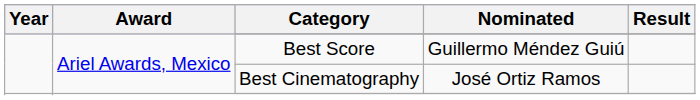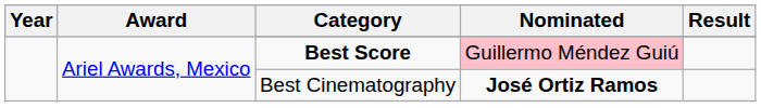 <table class="wikitable plainrowheaders" style="text-align:center;">
 <tr style="background:#96c;">
 <th scope="col">Year</th>
 <th scope="col">Award</th>
 <th scope="col">Category</th>
 <th scope="col">Nominated</th>
 <th scope="col">Result</th>
 </tr>
 <tr>
 <td scope="row" rowspan="18"></td>
 <td rowspan="18"><a href='#'>Ariel Awards, Mexico</a>  </td>
 </tr>
 <tr>
-<td scope="row">Best Score</td>
-<td>Guillermo Méndez Guiú</td>
+<td scope="row"><strong>Best Score</strong></td>
+<td style="background: pink;">Guillermo Méndez Guiú</td>
 <td></td>
 </tr>
 <tr>
 <td scope="row">Best Cinematography</td>
-<td>José Ortiz Ramos</td>
+<td><strong>José Ortiz Ramos</strong></td>
 <td></td>
 </tr>
 <tr>
 </tr>
 </table>
